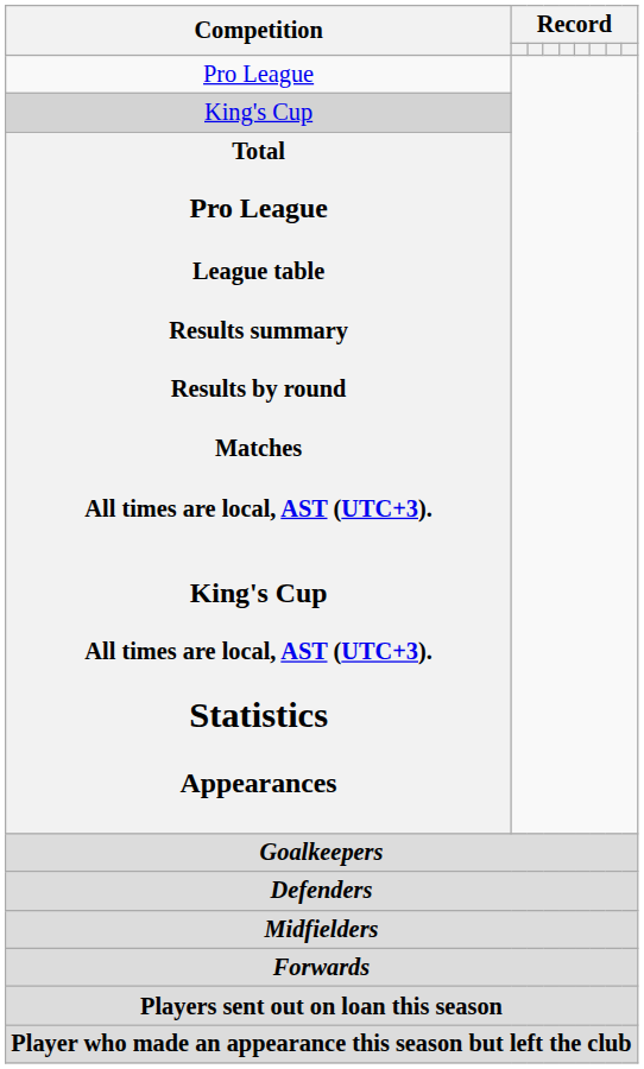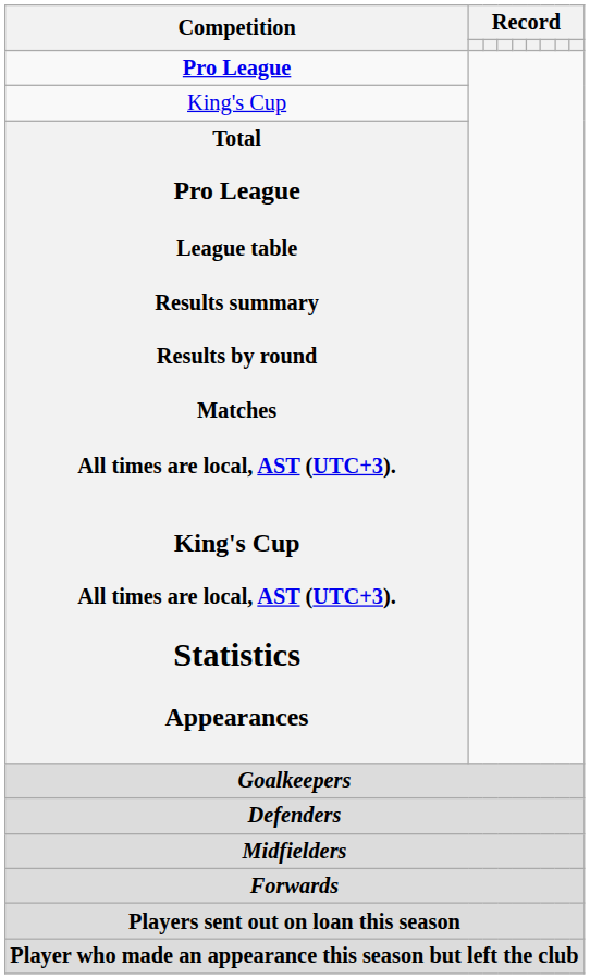 <table class="wikitable" style="text-align: center">
 <tr>
 <th rowspan=2>Competition</th>
 <th colspan=8>Record</th>
 </tr>
 <tr>
 <th></th>
 <th></th>
 <th></th>
 <th></th>
 <th></th>
 <th></th>
 <th></th>
 <th></th>
 </tr>
 <tr>
-<td><a href='#'>Pro League</a><br></td>
+<td><strong><a href='#'>Pro League</a><br></strong></td>
 </tr>
 <tr>
-<td style="background: lightgrey;"><a href='#'>King's Cup</a><br></td>
+<td><a href='#'>King's Cup</a><br></td>
 </tr>
 <tr>
 <th>Total<br> <h3>Pro League</h3><h4>League table</h4><h4>Results summary</h4> <h4>Results by round</h4><h4>Matches</h4>All times are local, <a href='#'>AST</a> (<a href='#'>UTC+3</a>).<br>   <br>                                 <h3>King's Cup</h3> All times are local, <a href='#'>AST</a> (<a href='#'>UTC+3</a>).<br> <h2>Statistics</h2><h3>Appearances</h3></th>
 </tr>
 <tr>
 <th colspan=10 style=background:#dcdcdc; text-align:center><em>Goalkeepers</em><br>   </th>
 </tr>
 <tr>
 <th colspan=10 style=background:#dcdcdc; text-align:center><em>Defenders</em><br>         </th>
 </tr>
 <tr>
 <th colspan=10 style=background:#dcdcdc; text-align:center><em>Midfielders</em><br>            </th>
 </tr>
 <tr>
 <th colspan=10 style=background:#dcdcdc; text-align:center><em>Forwards</em><br>   </th>
 </tr>
 <tr>
 <th colspan=16 style=background:#dcdcdc; text-align:center>Players sent out on loan this season<br></th>
 </tr>
 <tr>
 <th colspan=20 style=background:#dcdcdc; text-align:center>Player who made an appearance this season but left the club<br></th>
 </tr>
 </table>
